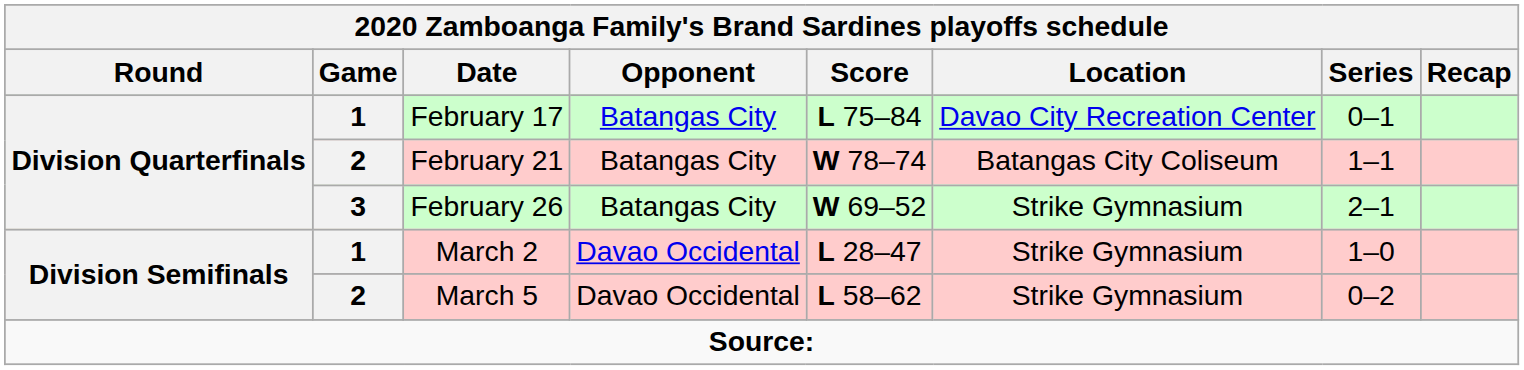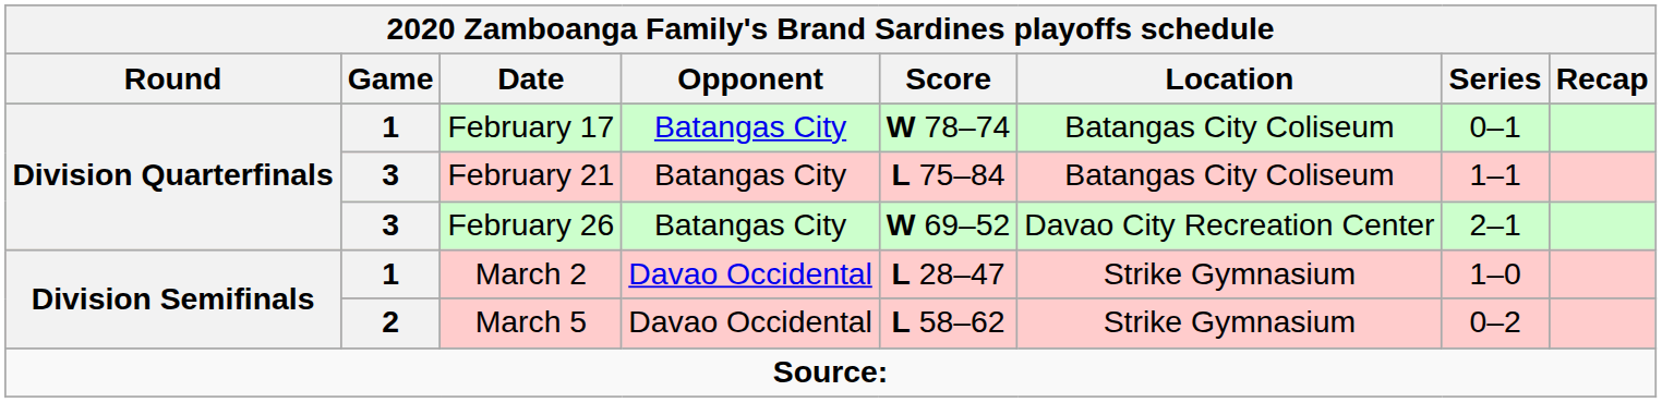 <table class="wikitable" style="text-align:center">
 <tr>
 <th colspan=8>2020 Zamboanga Family's Brand Sardines playoffs schedule</th>
 </tr>
 <tr>
 <th>Round</th>
 <th>Game</th>
 <th>Date</th>
 <th>Opponent</th>
 <th>Score</th>
 <th>Location</th>
 <th>Series</th>
 <th>Recap<br></th>
 </tr>
 <tr style="background:#cfc">
 <th rowspan=3>Division Quarterfinals</th>
 <th>1</th>
 <td>February 17</td>
 <td><a href='#'>Batangas City</a></td>
-<td><strong>L</strong> 75–84</td>
-<td><a href='#'>Davao City Recreation Center</a></td>
+<td><strong>W</strong> 78–74</td>
+<td>Batangas City Coliseum</td>
 <td>0–1</td>
 <td></td>
 </tr>
 <tr style="background:#fcc">
-<th>2</th>
+<th>3</th>
 <td>February 21</td>
 <td>Batangas City</td>
-<td><strong>W</strong> 78–74</td>
+<td><strong>L</strong> 75–84</td>
 <td>Batangas City Coliseum</td>
 <td>1–1</td>
 <td></td>
 </tr>
 <tr style="background:#cfc">
 <th>3</th>
 <td>February 26</td>
 <td>Batangas City</td>
 <td><strong>W</strong> 69–52</td>
-<td>Strike Gymnasium</td>
+<td>Davao City Recreation Center</td>
 <td>2–1</td>
 <td><br></td>
 </tr>
 <tr style="background:#fcc">
 <th rowspan=2>Division Semifinals</th>
 <th>1</th>
 <td>March 2</td>
 <td><a href='#'>Davao Occidental</a></td>
 <td><strong>L</strong> 28–47</td>
 <td>Strike Gymnasium</td>
 <td>1–0</td>
 <td></td>
 </tr>
 <tr style="background:#fcc">
 <th>2</th>
 <td>March 5</td>
 <td>Davao Occidental</td>
 <td><strong>L</strong> 58–62</td>
 <td>Strike Gymnasium</td>
 <td>0–2</td>
 <td></td>
 </tr>
 <tr>
 <td colspan=8 align=center><strong>Source: </strong></td>
 </tr>
 </table>
